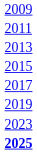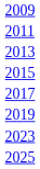 <table>
 <tr>
 <td><a href='#'>2009</a></td>
 <td></td>
 <td></td>
 <td></td>
 </tr>
 <tr>
 <td><a href='#'>2011</a></td>
 <td></td>
 <td></td>
 <td></td>
 </tr>
 <tr>
 <td><a href='#'>2013</a></td>
 <td></td>
 <td></td>
 <td></td>
 </tr>
 <tr>
 <td><a href='#'>2015</a></td>
 <td></td>
 <td></td>
 <td></td>
 </tr>
 <tr>
 <td><a href='#'>2017</a></td>
 <td></td>
 <td></td>
 <td></td>
 </tr>
 <tr>
 <td><a href='#'>2019</a></td>
 <td></td>
 <td></td>
 <td></td>
 </tr>
 <tr>
 <td><a href='#'>2023</a></td>
 <td></td>
 <td></td>
 <td></td>
 </tr>
 <tr>
-<td><strong><a href='#'>2025</a></strong></td>
+<td><a href='#'>2025</a></td>
 <td></td>
 <td></td>
 <td></td>
 </tr>
 </table>
